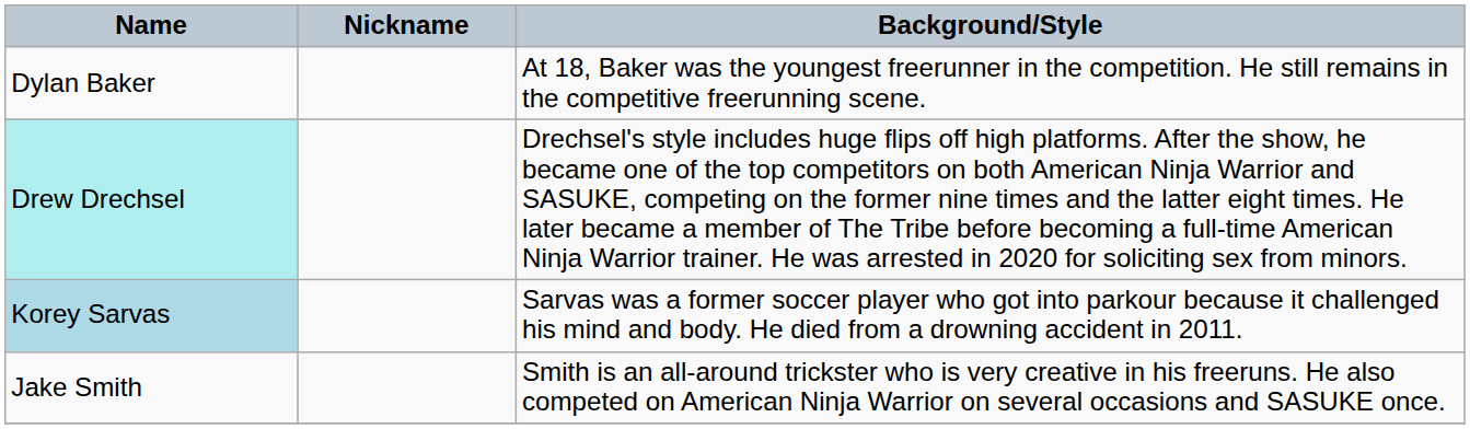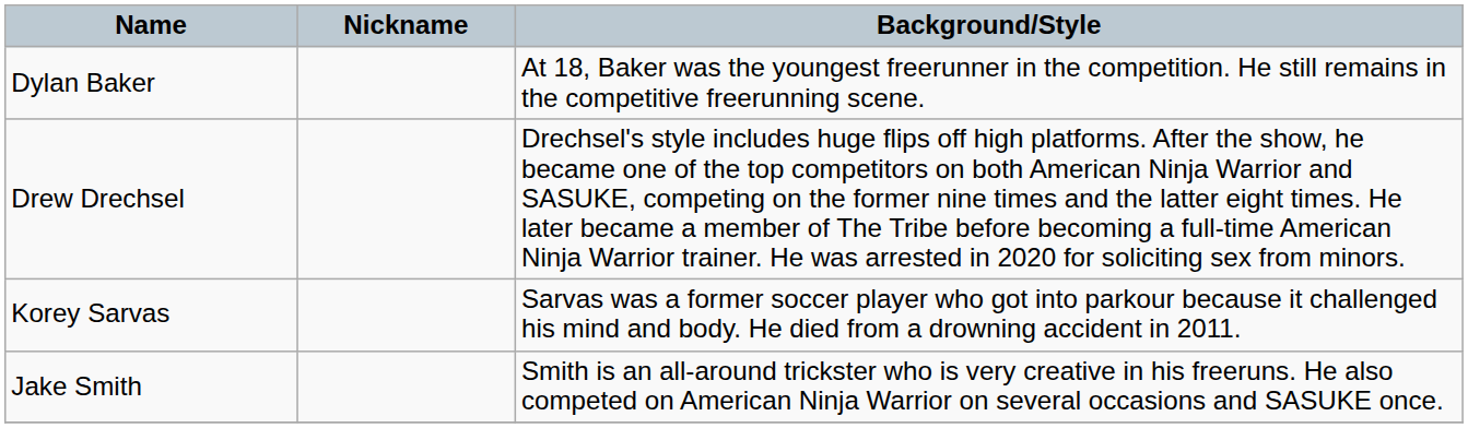 <table class="wikitable" style="margin: auto; width: 100%">
 <tr style="background:#BCC9D2; color:black">
 <th style="background-color: #BCC9D2; width: 20%">Name</th>
 <th style="background-color: #BCC9D2; width: 15%">Nickname</th>
 <th style="background-color: #BCC9D2; width: 65%">Background/Style</th>
 </tr>
 <tr>
 <td>Dylan Baker</td>
 <td></td>
 <td>At 18, Baker was the youngest freerunner in the competition. He still remains in the competitive freerunning scene.</td>
 </tr>
 <tr>
-<td style="background: paleturquoise;">Drew Drechsel</td>
+<td>Drew Drechsel</td>
 <td></td>
 <td>Drechsel's style includes huge flips off high platforms. After the show, he became one of the top competitors on both American Ninja Warrior and SASUKE, competing on the former nine times and the latter eight times. He later became a member of The Tribe before becoming a full-time American Ninja Warrior trainer. He was arrested in 2020 for soliciting sex from minors.</td>
 </tr>
 <tr>
-<td style="background: lightblue;">Korey Sarvas</td>
+<td>Korey Sarvas</td>
 <td></td>
 <td>Sarvas was a former soccer player who got into parkour because it challenged his mind and body. He died from a drowning accident in 2011.</td>
 </tr>
 <tr>
 <td>Jake Smith</td>
 <td></td>
 <td>Smith is an all-around trickster who is very creative in his freeruns. He also competed on American Ninja Warrior on several occasions and SASUKE once.</td>
 </tr>
 <tr>
 </tr>
 </table>
